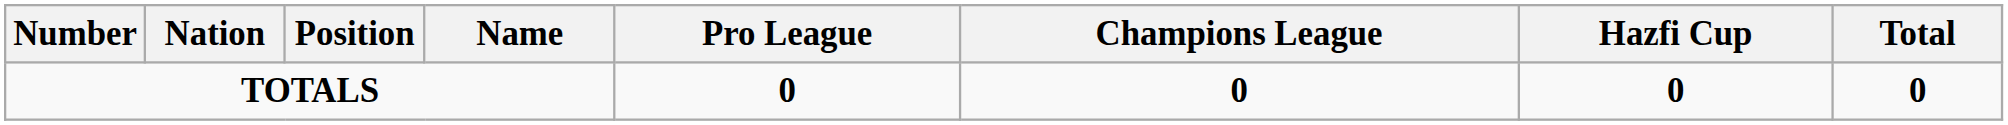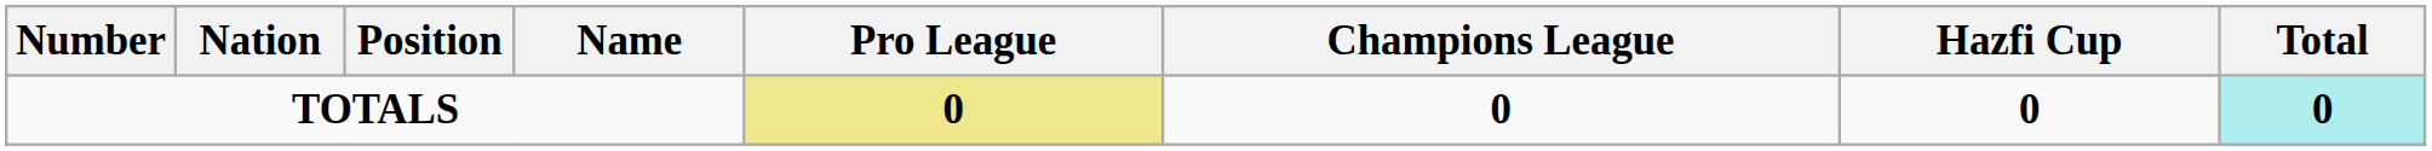 <table class="wikitable sortable" style="font-size: 95%; text-align: center;">
 <tr>
 <th width="7%">Number</th>
 <th width="7%">Nation</th>
 <th width="7%">Position</th>
 <th>Name</th>
 <th>Pro League</th>
 <th>Champions League</th>
 <th>Hazfi Cup</th>
 <th>Total</th>
 </tr>
 <tr>
 <td colspan="4"><strong>TOTALS</strong></td>
+<td style="background: khaki;"><strong>0</strong> </td>
 <td><strong>0</strong> </td>
 <td><strong>0</strong> </td>
-<td><strong>0</strong> </td>
-<td><strong>0</strong> </td>
+<td style="background: paleturquoise;"><strong>0</strong> </td>
 </tr>
 </table>
